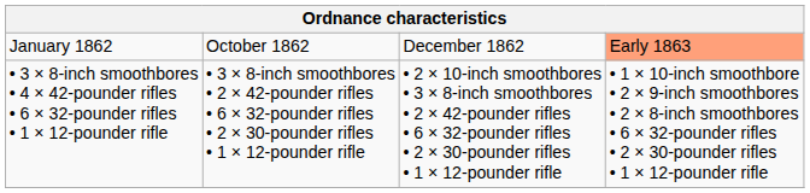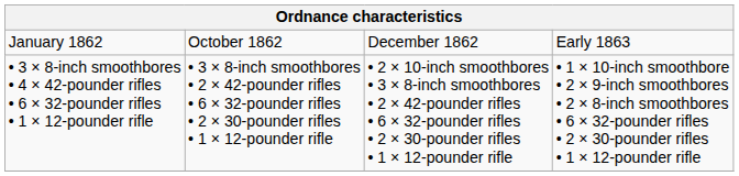 <table class="wikitable" style="font-size:97%;">
 <tr>
 <th colspan="4">Ordnance characteristics</th>
 </tr>
 <tr>
 <td>January 1862</td>
 <td>October 1862</td>
 <td>December 1862</td>
-<td style="background: lightsalmon;">Early 1863</td>
+<td>Early 1863</td>
 </tr>
 <tr>
 <td valign=top>• 3 × 8-inch smoothbores<br>• 4 × 42-pounder rifles<br>• 6 × 32-pounder rifles<br>• 1 × 12-pounder rifle<br></td>
 <td valign=top>• 3 × 8-inch smoothbores<br>• 2 × 42-pounder rifles<br>• 6 × 32-pounder rifles<br>• 2 × 30-pounder rifles<br>• 1 × 12-pounder rifle<br></td>
 <td valign=top>• 2 × 10-inch smoothbores<br>• 3 × 8-inch smoothbores<br>• 2 × 42-pounder rifles<br>• 6 × 32-pounder rifles<br>• 2 × 30-pounder rifles<br>• 1 × 12-pounder rifle<br></td>
 <td valign=top>• 1 × 10-inch smoothbore<br>• 2 × 9-inch smoothbores<br>• 2 × 8-inch smoothbores<br>• 6 × 32-pounder rifles<br>• 2 × 30-pounder rifles<br>• 1 × 12-pounder rifle<br></td>
 </tr>
 <tr>
 </tr>
 </table>
